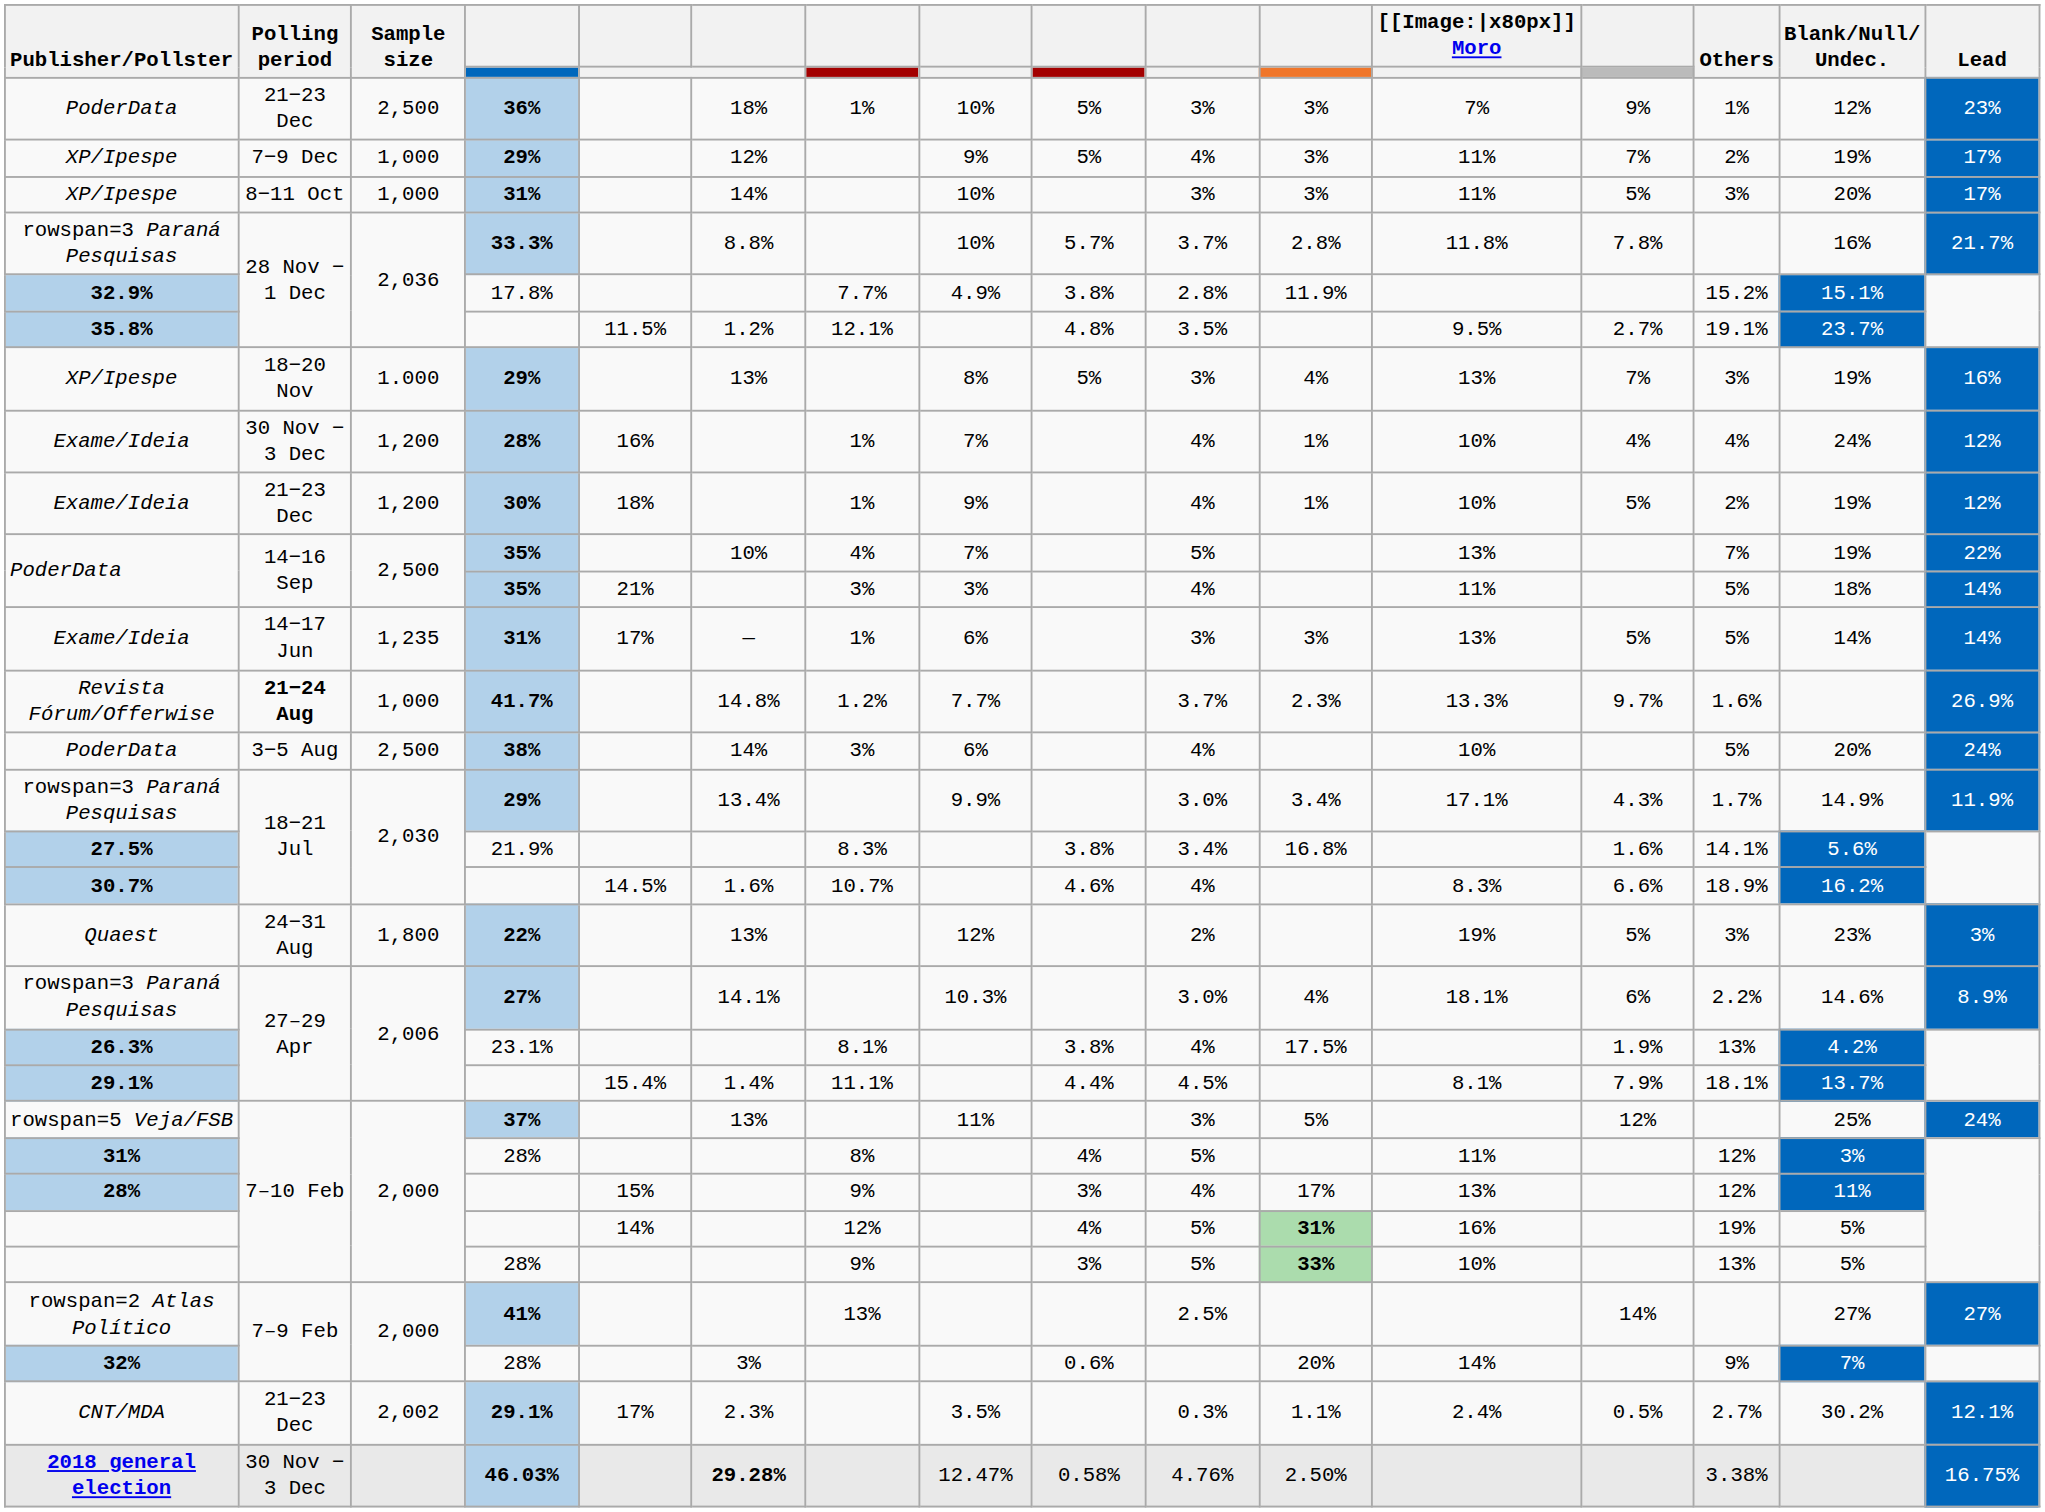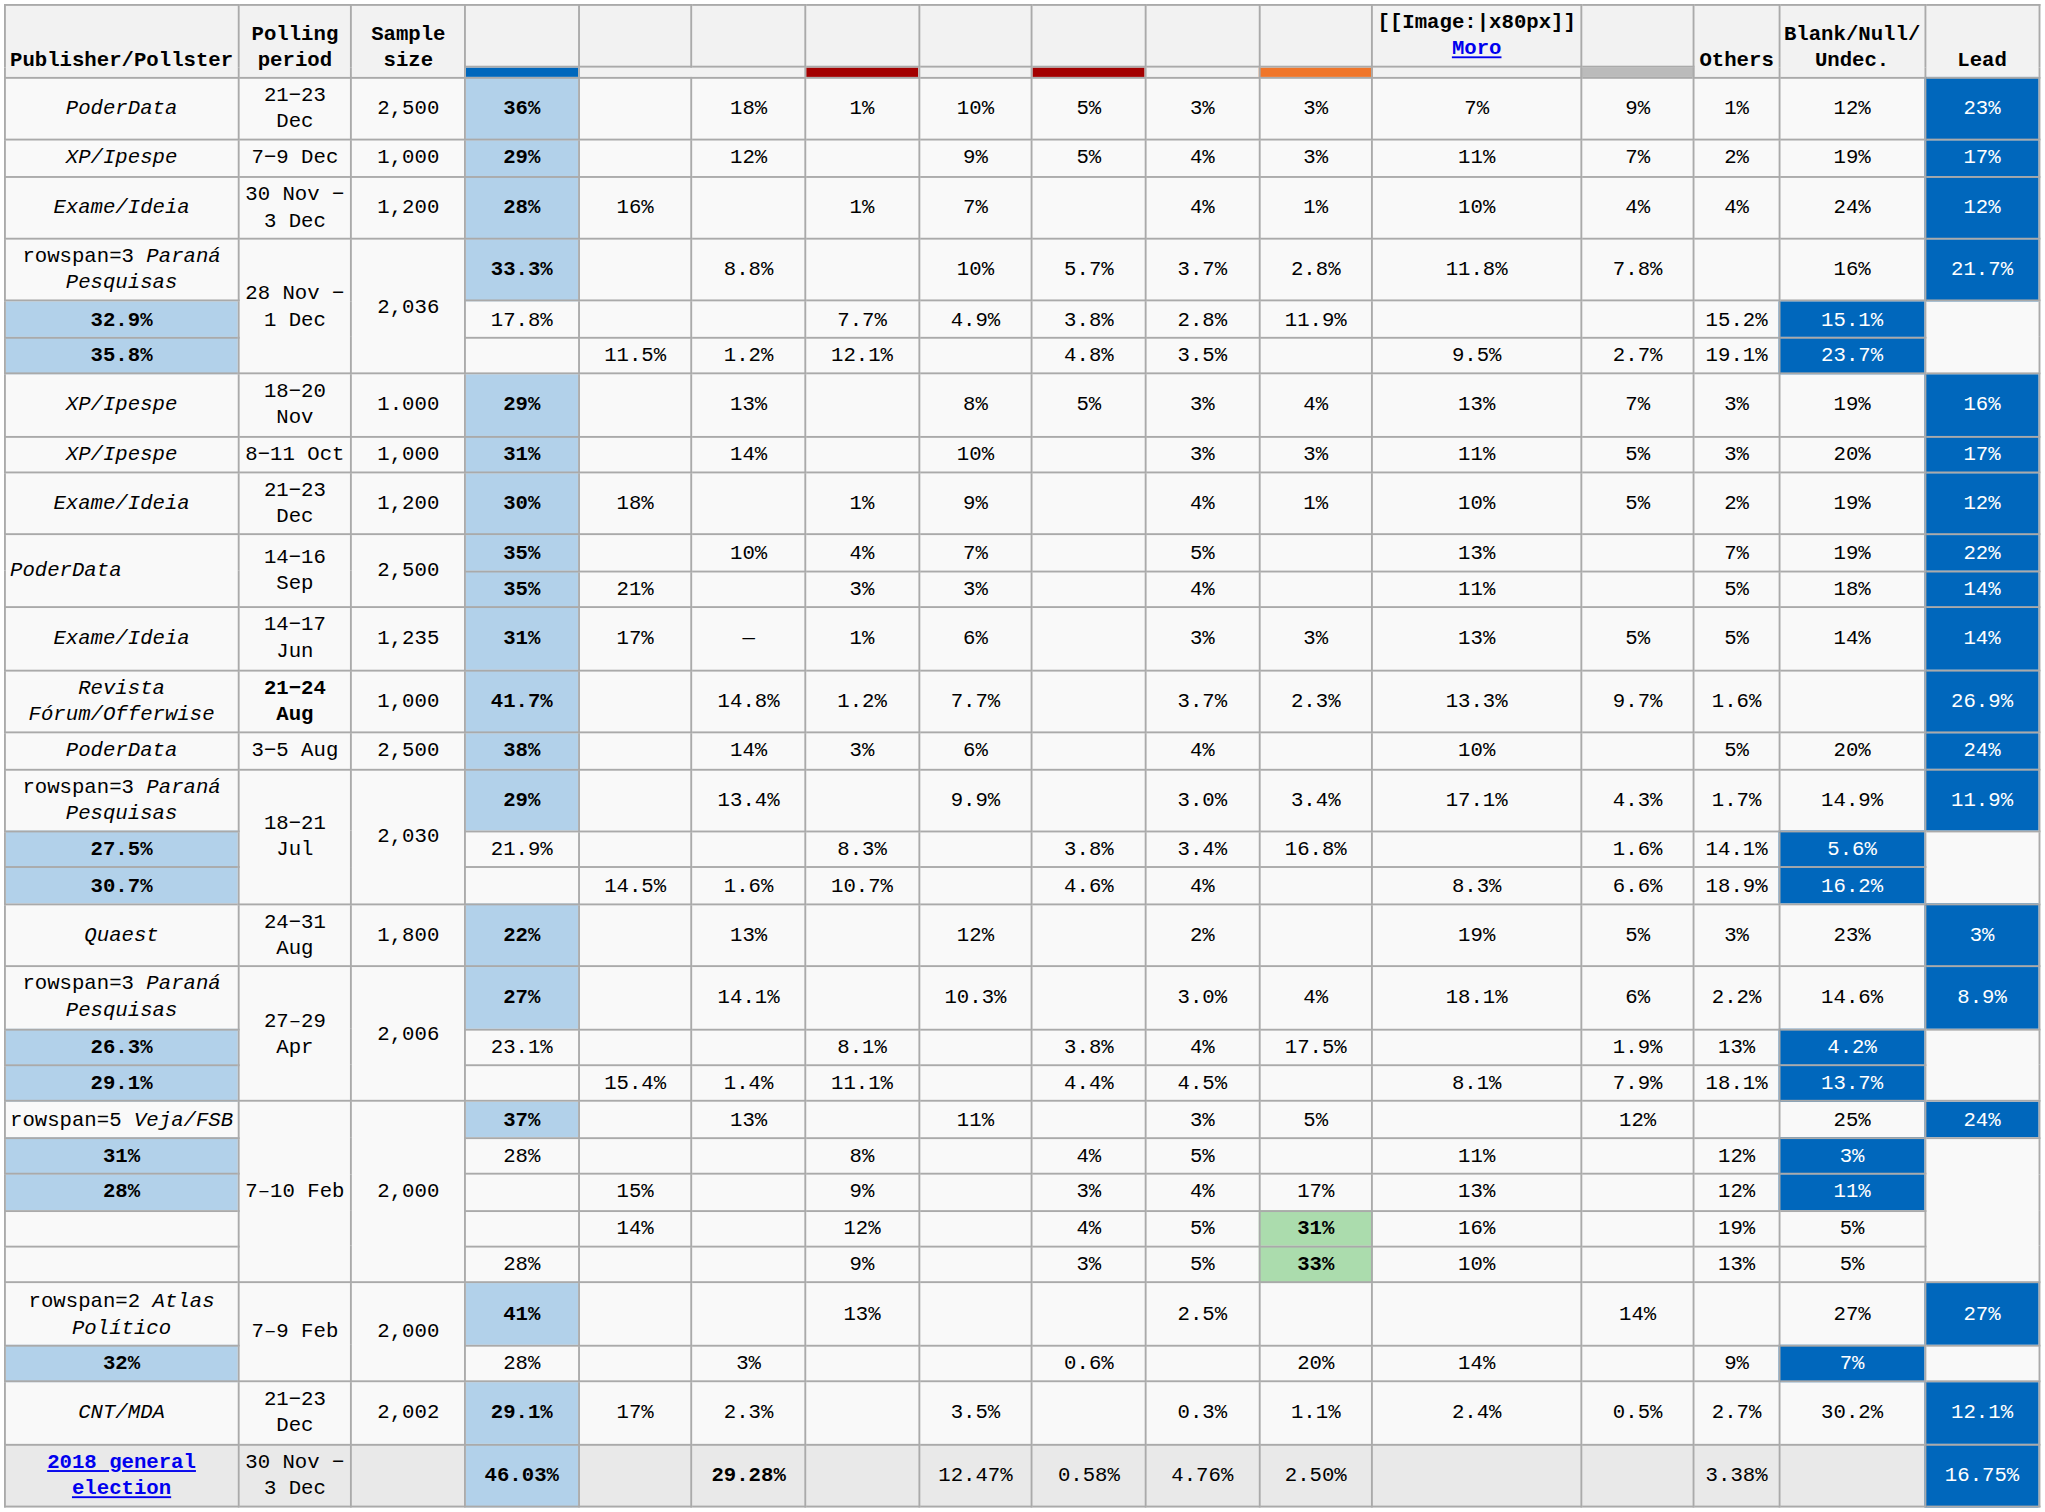 <table class="nowrap wikitable" style=text-align:center;font-size:85%;line-height:14px>
 <tr style=vertical-align:bottom>
 <th rowspan=2>Publisher/Pollster</th>
 <th rowspan=2>Polling<br>period</th>
 <th rowspan=2>Sample<br>size</th>
 <th style=width:5em><br></th>
 <th style=width:5em><br></th>
 <th style=width:5em><br></th>
 <th style=width:5em><br></th>
 <th style=width:5em><br></th>
 <th style=width:5em><br></th>
 <th style=width:5em><br></th>
 <th style=width:5em><br></th>
 <th style=width:5em>[[Image:|x80px]]<br><a href='#'>Moro</a><br></th>
 <th style=width:5em><br></th>
 <th rowspan=2>Others</th>
 <th rowspan=2>Blank/Null/<br>Undec.</th>
 <th style=width:5em rowspan=2>Lead</th>
 </tr>
 <tr>
 <th style=background:#0067bc></th>
 <th colspan=2 style=background:></th>
 <th style=background:#a30000></th>
 <th style=background:></th>
 <th style=background:#a30000></th>
 <th style=background:></th>
 <th style=background:#F0762A></th>
 <th style=background:></th>
 <th style=background:#BBBBBB></th>
 </tr>
 <tr>
 <td> <em>PoderData</em></td>
 <td>21−23 Dec</td>
 <td>2,500</td>
 <td style=background:#b2d1ea;font-weight:bold>36%</td>
 <td></td>
 <td>18%</td>
 <td>1%</td>
 <td>10%</td>
 <td>5%</td>
 <td>3%</td>
 <td>3%</td>
 <td>7%</td>
 <td>9%</td>
 <td>1%</td>
 <td>12%</td>
 <td style=background:#0067bc;color:white>23%</td>
 </tr>
 <tr>
 <td> <em>XP/Ipespe</em></td>
 <td>7−9 Dec</td>
 <td>1,000</td>
 <td style=background:#b2d1ea;font-weight:bold>29%</td>
 <td></td>
 <td>12%</td>
 <td></td>
 <td>9%</td>
 <td>5%</td>
 <td>4%</td>
 <td>3%</td>
 <td>11%</td>
 <td>7%</td>
 <td>2%</td>
 <td>19%</td>
 <td style=background:#0067bc;color:white>17%</td>
 </tr>
 <tr>
-<td> <em>XP/Ipespe</em></td>
-<td>8−11 Oct</td>
-<td>1,000</td>
-<td style=background:#b2d1ea;font-weight:bold>31%</td>
+<td> <em>Exame/Ideia</em></td>
+<td>30 Nov − 3 Dec</td>
+<td>1,200</td>
+<td style=background:#b2d1ea;font-weight:bold>28%</td>
+<td>16%</td>
 <td></td>
-<td>14%</td>
+<td>1%</td>
+<td>7%</td>
 <td></td>
+<td>4%</td>
+<td>1%</td>
 <td>10%</td>
-<td></td>
-<td>3%</td>
-<td>3%</td>
-<td>11%</td>
-<td>5%</td>
-<td>3%</td>
-<td>20%</td>
-<td style=background:#0067bc;color:white>17%</td>
+<td>4%</td>
+<td>4%</td>
+<td>24%</td>
+<td style=background:#0067bc;color:white>12%</td>
 </tr>
 <tr>
 <td>rowspan=3  <em>Paraná Pesquisas</em></td>
 <td rowspan=3>28 Nov − 1 Dec</td>
 <td rowspan=3>2,036</td>
 <td style=background:#b2d1ea;font-weight:bold>33.3%</td>
 <td></td>
 <td>8.8%</td>
 <td></td>
 <td>10%</td>
 <td>5.7%</td>
 <td>3.7%</td>
 <td>2.8%</td>
 <td>11.8%</td>
 <td>7.8%</td>
 <td></td>
 <td>16%</td>
 <td style=background:#0067bc;color:white>21.7%</td>
 </tr>
 <tr>
 <td style=background:#b2d1ea;font-weight:bold>32.9%</td>
 <td>17.8%</td>
 <td></td>
 <td></td>
 <td>7.7%</td>
 <td>4.9%</td>
 <td>3.8%</td>
 <td>2.8%</td>
 <td>11.9%</td>
 <td></td>
 <td></td>
 <td>15.2%</td>
 <td style=background:#0067bc;color:white>15.1%</td>
 </tr>
 <tr>
 <td style=background:#b2d1ea;font-weight:bold>35.8%</td>
 <td></td>
 <td>11.5%</td>
 <td>1.2%</td>
 <td>12.1%</td>
 <td></td>
 <td>4.8%</td>
 <td>3.5%</td>
 <td></td>
 <td>9.5%</td>
 <td>2.7%</td>
 <td>19.1%</td>
 <td style=background:#0067bc;color:white>23.7%</td>
 </tr>
 <tr>
 <td> <em>XP/Ipespe</em></td>
 <td>18−20 Nov</td>
 <td>1.000</td>
 <td style=background:#b2d1ea;font-weight:bold>29%</td>
 <td></td>
 <td>13%</td>
 <td></td>
 <td>8%</td>
 <td>5%</td>
 <td>3%</td>
 <td>4%</td>
 <td>13%</td>
 <td>7%</td>
 <td>3%</td>
 <td>19%</td>
 <td style=background:#0067bc;color:white>16%</td>
 </tr>
 <tr>
-<td> <em>Exame/Ideia</em></td>
-<td>30 Nov − 3 Dec</td>
-<td>1,200</td>
-<td style=background:#b2d1ea;font-weight:bold>28%</td>
-<td>16%</td>
+<td> <em>XP/Ipespe</em></td>
+<td>8−11 Oct</td>
+<td>1,000</td>
+<td style=background:#b2d1ea;font-weight:bold>31%</td>
 <td></td>
-<td>1%</td>
-<td>7%</td>
+<td>14%</td>
 <td></td>
-<td>4%</td>
-<td>1%</td>
 <td>10%</td>
-<td>4%</td>
-<td>4%</td>
-<td>24%</td>
-<td style=background:#0067bc;color:white>12%</td>
+<td></td>
+<td>3%</td>
+<td>3%</td>
+<td>11%</td>
+<td>5%</td>
+<td>3%</td>
+<td>20%</td>
+<td style=background:#0067bc;color:white>17%</td>
 </tr>
 <tr>
 <td> <em>Exame/Ideia</em></td>
 <td>21−23 Dec</td>
 <td>1,200</td>
 <td style=background:#b2d1ea;font-weight:bold>30%</td>
 <td>18%</td>
 <td></td>
 <td>1%</td>
 <td>9%</td>
 <td></td>
 <td>4%</td>
 <td>1%</td>
 <td>10%</td>
 <td>5%</td>
 <td>2%</td>
 <td>19%</td>
 <td style=background:#0067bc;color:white>12%</td>
 </tr>
 <tr>
 <td style=text-align:left;width:5em rowspan=2><em>PoderData</em></td>
 <td style=width:5em rowspan=2>14−16 Sep</td>
 <td style=width:5em rowspan=2>2,500</td>
 <td style=background:#b2d1ea;font-weight:bold>35%</td>
 <td></td>
 <td>10%</td>
 <td>4%</td>
 <td>7%</td>
 <td></td>
 <td>5%</td>
 <td></td>
 <td>13%</td>
 <td></td>
 <td>7%</td>
 <td>19%</td>
 <td style=background:#0067bc;color:white>22%</td>
 </tr>
 <tr>
 <td style=background:#b2d1ea;font-weight:bold>35%</td>
 <td>21%</td>
 <td></td>
 <td>3%</td>
 <td>3%</td>
 <td></td>
 <td>4%</td>
 <td></td>
 <td>11%</td>
 <td></td>
 <td>5%</td>
 <td>18%</td>
 <td style=background:#0067bc;color:white>14%</td>
 </tr>
 <tr>
 <td> <em>Exame/Ideia</em></td>
 <td>14−17 Jun</td>
 <td>1,235</td>
 <td style=background:#b2d1ea;font-weight:bold>31%</td>
 <td>17%</td>
 <td>—</td>
 <td>1%</td>
 <td>6%</td>
 <td></td>
 <td>3%</td>
 <td>3%</td>
 <td>13%</td>
 <td>5%</td>
 <td>5%</td>
 <td>14%</td>
 <td style=background:#0067bc;color:white>14%</td>
 </tr>
 <tr>
 <td> <em>Revista Fórum/Offerwise</em></td>
 <td><strong>21−24 Aug</strong></td>
 <td>1,000</td>
 <td style=background:#b2d1ea;font-weight:bold>41.7%</td>
 <td></td>
 <td>14.8%</td>
 <td>1.2%</td>
 <td>7.7%</td>
 <td></td>
 <td>3.7%</td>
 <td>2.3%</td>
 <td>13.3%</td>
 <td>9.7%</td>
 <td>1.6%</td>
 <td></td>
 <td style=background:#0067bc;color:white>26.9%</td>
 </tr>
 <tr>
 <td> <em>PoderData</em></td>
 <td>3−5 Aug</td>
 <td>2,500</td>
 <td style=background:#b2d1ea;font-weight:bold>38%</td>
 <td></td>
 <td>14%</td>
 <td>3%</td>
 <td>6%</td>
 <td></td>
 <td>4%</td>
 <td></td>
 <td>10%</td>
 <td></td>
 <td>5%</td>
 <td>20%</td>
 <td style=background:#0067bc;color:white>24%</td>
 </tr>
 <tr>
 <td>rowspan=3  <em>Paraná Pesquisas</em></td>
 <td rowspan=3>18−21 Jul</td>
 <td rowspan=3>2,030</td>
 <td style=background:#b2d1ea;font-weight:bold>29%</td>
 <td></td>
 <td>13.4%</td>
 <td></td>
 <td>9.9%</td>
 <td></td>
 <td>3.0%</td>
 <td>3.4%</td>
 <td>17.1%</td>
 <td>4.3%</td>
 <td>1.7%</td>
 <td>14.9%</td>
 <td style=background:#0067bc;color:white>11.9%</td>
 </tr>
 <tr>
 <td style=background:#b2d1ea;font-weight:bold>27.5%</td>
 <td>21.9%</td>
 <td></td>
 <td></td>
 <td>8.3%</td>
 <td></td>
 <td>3.8%</td>
 <td>3.4%</td>
 <td>16.8%</td>
 <td></td>
 <td>1.6%</td>
 <td>14.1%</td>
 <td style=background:#0067bc;color:white>5.6%</td>
 </tr>
 <tr>
 <td style=background:#b2d1ea;font-weight:bold>30.7%</td>
 <td></td>
 <td>14.5%</td>
 <td>1.6%</td>
 <td>10.7%</td>
 <td></td>
 <td>4.6%</td>
 <td>4%</td>
 <td></td>
 <td>8.3%</td>
 <td>6.6%</td>
 <td>18.9%</td>
 <td style=background:#0067bc;color:white>16.2%</td>
 </tr>
 <tr>
 <td> <em>Quaest</em></td>
 <td>24−31 Aug</td>
 <td>1,800</td>
 <td style=background:#b2d1ea;font-weight:bold>22%</td>
 <td></td>
 <td>13%</td>
 <td></td>
 <td>12%</td>
 <td></td>
 <td>2%</td>
 <td></td>
 <td>19%</td>
 <td>5%</td>
 <td>3%</td>
 <td>23%</td>
 <td style=background:#0067bc;color:white>3%</td>
 </tr>
 <tr>
 <td>rowspan=3  <em>Paraná Pesquisas</em></td>
 <td rowspan=3>27–29 Apr</td>
 <td rowspan=3>2,006</td>
 <td style=background:#b2d1ea;font-weight:bold>27%</td>
 <td></td>
 <td>14.1%</td>
 <td></td>
 <td>10.3%</td>
 <td></td>
 <td>3.0%</td>
 <td>4%</td>
 <td>18.1%</td>
 <td>6%</td>
 <td>2.2%</td>
 <td>14.6%</td>
 <td style=background:#0067bc;color:white>8.9%</td>
 </tr>
 <tr>
 <td style=background:#b2d1ea;font-weight:bold>26.3%</td>
 <td>23.1%</td>
 <td></td>
 <td></td>
 <td>8.1%</td>
 <td></td>
 <td>3.8%</td>
 <td>4%</td>
 <td>17.5%</td>
 <td></td>
 <td>1.9%</td>
 <td>13%</td>
 <td style=background:#0067bc;color:white>4.2%</td>
 </tr>
 <tr>
 <td style=background:#b2d1ea;font-weight:bold>29.1%</td>
 <td></td>
 <td>15.4%</td>
 <td>1.4%</td>
 <td>11.1%</td>
 <td></td>
 <td>4.4%</td>
 <td>4.5%</td>
 <td></td>
 <td>8.1%</td>
 <td>7.9%</td>
 <td>18.1%</td>
 <td style=background:#0067bc;color:white>13.7%</td>
 </tr>
 <tr>
 <td>rowspan=5  <em>Veja/FSB</em></td>
 <td rowspan=5>7–10 Feb</td>
 <td rowspan=5>2,000</td>
 <td style=background:#b2d1ea;font-weight:bold>37%</td>
 <td></td>
 <td>13%</td>
 <td></td>
 <td>11%</td>
 <td></td>
 <td>3%</td>
 <td>5%</td>
 <td></td>
 <td>12%</td>
 <td></td>
 <td>25%</td>
 <td style=background:#0067bc;color:white>24%</td>
 </tr>
 <tr>
 <td style=background:#b2d1ea;font-weight:bold>31%</td>
 <td>28%</td>
 <td></td>
 <td></td>
 <td>8%</td>
 <td></td>
 <td>4%</td>
 <td>5%</td>
 <td></td>
 <td>11%</td>
 <td></td>
 <td>12%</td>
 <td style=background:#0067bc;color:white>3%</td>
 </tr>
 <tr>
 <td style=background:#b2d1ea;font-weight:bold>28%</td>
 <td></td>
 <td>15%</td>
 <td></td>
 <td>9%</td>
 <td></td>
 <td>3%</td>
 <td>4%</td>
 <td>17%</td>
 <td>13%</td>
 <td></td>
 <td>12%</td>
 <td style=background:#0067bc;color:white>11%</td>
 </tr>
 <tr>
 <td></td>
 <td></td>
 <td>14%</td>
 <td></td>
 <td>12%</td>
 <td></td>
 <td>4%</td>
 <td>5%</td>
 <td style=background:#ABDCAD;font-weight:bold>31%</td>
 <td>16%</td>
 <td></td>
 <td>19%</td>
 <td style=background:>5%</td>
 </tr>
 <tr>
 <td></td>
 <td>28%</td>
 <td></td>
 <td></td>
 <td>9%</td>
 <td></td>
 <td>3%</td>
 <td>5%</td>
 <td style=background:#ABDCAD;font-weight:bold>33%</td>
 <td>10%</td>
 <td></td>
 <td>13%</td>
 <td style=background:>5%</td>
 </tr>
 <tr>
 <td>rowspan=2  <em>Atlas Político</em></td>
 <td rowspan=2>7–9 Feb</td>
 <td rowspan=2>2,000</td>
 <td style=background:#b2d1ea;font-weight:bold>41%</td>
 <td></td>
 <td></td>
 <td>13%</td>
 <td></td>
 <td></td>
 <td>2.5%</td>
 <td></td>
 <td></td>
 <td>14%</td>
 <td></td>
 <td>27%</td>
 <td style=background:#0067bc;color:white>27%</td>
 </tr>
 <tr>
 <td style=background:#b2d1ea;font-weight:bold>32%</td>
 <td>28%</td>
 <td></td>
 <td>3%</td>
 <td></td>
 <td></td>
 <td>0.6%</td>
 <td></td>
 <td>20%</td>
 <td>14%</td>
 <td></td>
 <td>9%</td>
 <td style=background:#0067bc;color:white>7%</td>
 </tr>
 <tr>
 <td> <em>CNT/MDA</em></td>
 <td>21−23 Dec</td>
 <td>2,002</td>
 <td style=background:#b2d1ea;font-weight:bold>29.1%</td>
 <td>17%</td>
 <td>2.3%</td>
 <td></td>
 <td>3.5%</td>
 <td></td>
 <td>0.3%</td>
 <td>1.1%</td>
 <td>2.4%</td>
 <td>0.5%</td>
 <td>2.7%</td>
 <td>30.2%</td>
 <td style=background:#0067bc;color:white>12.1%</td>
 </tr>
 <tr style=background:#E9E9E9>
 <td><strong><a href='#'>2018 general election</a></strong></td>
 <td>30 Nov − 3 Dec</td>
 <td></td>
 <td style=background:#b2d1ea;font-weight:bold>46.03%</td>
 <td></td>
 <td><strong>29.28%</strong></td>
 <td></td>
 <td>12.47%</td>
 <td>0.58%</td>
 <td>4.76%</td>
 <td>2.50%</td>
 <td></td>
 <td></td>
 <td>3.38%</td>
 <td></td>
 <td style=background:#0067bc;color:white>16.75%</td>
 </tr>
 </table>
